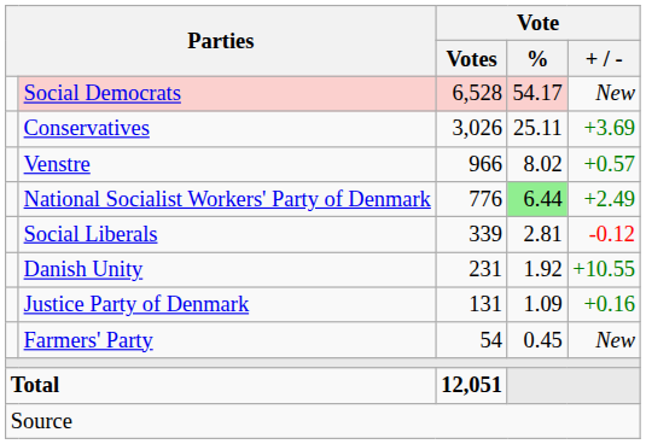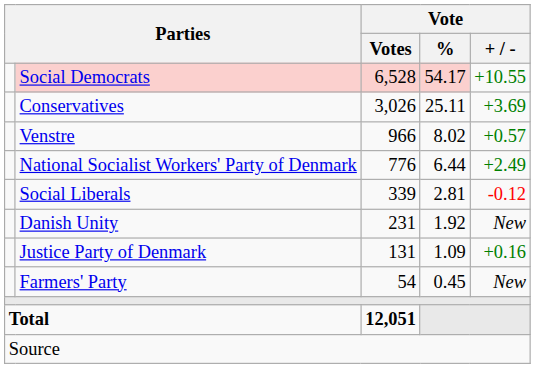 <table class="wikitable" style="text-align:right;">
 <tr>
 <th style="text-align:centre;" rowspan="2" colspan="2" width="225">Parties</th>
 <th colspan="3">Vote</th>
 </tr>
 <tr>
 <th width="15">Votes</th>
 <th width="15">%</th>
 <th width="15">+ / -</th>
 </tr>
 <tr>
 <td width="2" style="color:inherit;background:"></td>
 <td bgcolor=#fbd0ce  align="left"><a href='#'>Social Democrats</a></td>
 <td bgcolor=#fbd0ce>6,528</td>
 <td bgcolor=#fbd0ce>54.17</td>
-<td><em>New</em></td>
+<td style=color:green;>+10.55</td>
 </tr>
 <tr>
 <td width="2" style="color:inherit;background:"></td>
 <td align="left"><a href='#'>Conservatives</a></td>
 <td>3,026</td>
 <td>25.11</td>
 <td style=color:green;>+3.69</td>
 </tr>
 <tr>
 <td width="2" style="color:inherit;background:"></td>
 <td align="left"><a href='#'>Venstre</a></td>
 <td>966</td>
 <td>8.02</td>
 <td style=color:green;>+0.57</td>
 </tr>
 <tr>
 <td width="2" style="color:inherit;background:"></td>
 <td align="left"><a href='#'>National Socialist Workers' Party of Denmark</a></td>
 <td>776</td>
-<td style="background: lightgreen;">6.44</td>
+<td>6.44</td>
 <td style=color:green;>+2.49</td>
 </tr>
 <tr>
 <td width="2" style="color:inherit;background:"></td>
 <td align="left"><a href='#'>Social Liberals</a></td>
 <td>339</td>
 <td>2.81</td>
 <td style=color:red;>-0.12</td>
 </tr>
 <tr>
 <td width="2" style="color:inherit;background:"></td>
 <td align="left"><a href='#'>Danish Unity</a></td>
 <td>231</td>
 <td>1.92</td>
-<td style=color:green;>+10.55</td>
+<td><em>New</em></td>
 </tr>
 <tr>
 <td width="2" style="color:inherit;background:"></td>
 <td align="left"><a href='#'>Justice Party of Denmark</a></td>
 <td>131</td>
 <td>1.09</td>
 <td style=color:green;>+0.16</td>
 </tr>
 <tr>
 <td width="2" style="color:inherit;background:"></td>
 <td align="left"><a href='#'>Farmers' Party</a></td>
 <td>54</td>
 <td>0.45</td>
 <td><em>New</em></td>
 </tr>
 <tr>
 <td colspan="7" bgcolor="#E9E9E9"></td>
 </tr>
 <tr>
 <td align="left" colspan="2"><strong>Total</strong></td>
 <td><strong>12,051</strong></td>
 <td bgcolor="#E9E9E9" colspan="2"></td>
 </tr>
 <tr>
 <td align="left" colspan="6">Source</td>
 </tr>
 </table>
